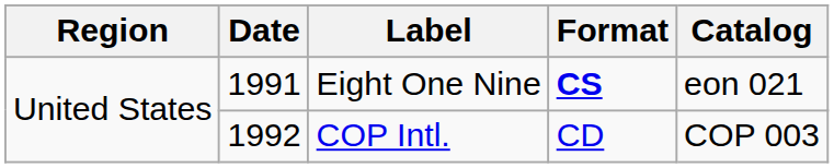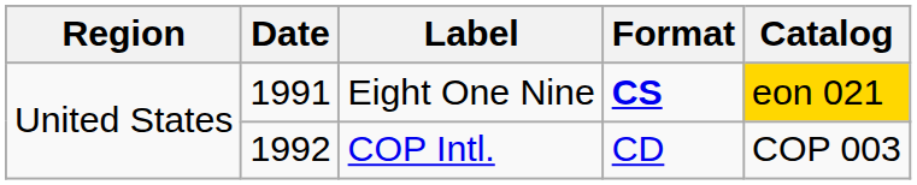 <table class="wikitable">
 <tr>
 <th>Region</th>
 <th>Date</th>
 <th>Label</th>
 <th>Format</th>
 <th>Catalog</th>
 </tr>
 <tr>
 <td rowspan="3">United States</td>
 <td rowspan="2">1991</td>
 <td>Eight One Nine</td>
 <td><strong><a href='#'>CS</a></strong></td>
-<td>eon 021</td>
+<td style="background: gold;">eon 021</td>
 </tr>
 <tr>
 <td rowspan="2"><a href='#'>COP Intl.</a></td>
 <td rowspan="2"><a href='#'>CD</a></td>
 <td rowspan="2">COP 003</td>
 </tr>
 <tr>
 <td>1992</td>
 </tr>
 </table>
